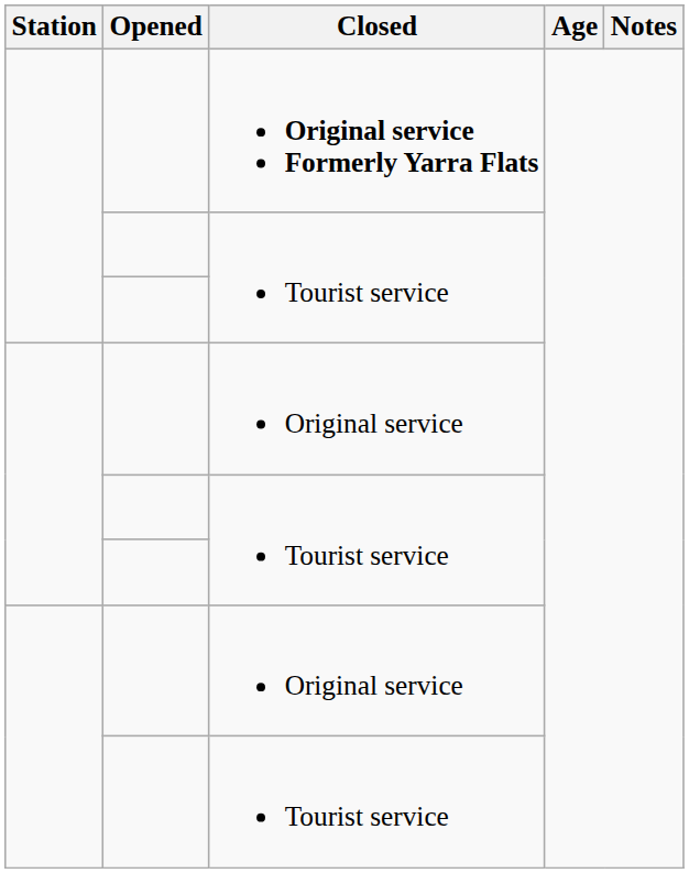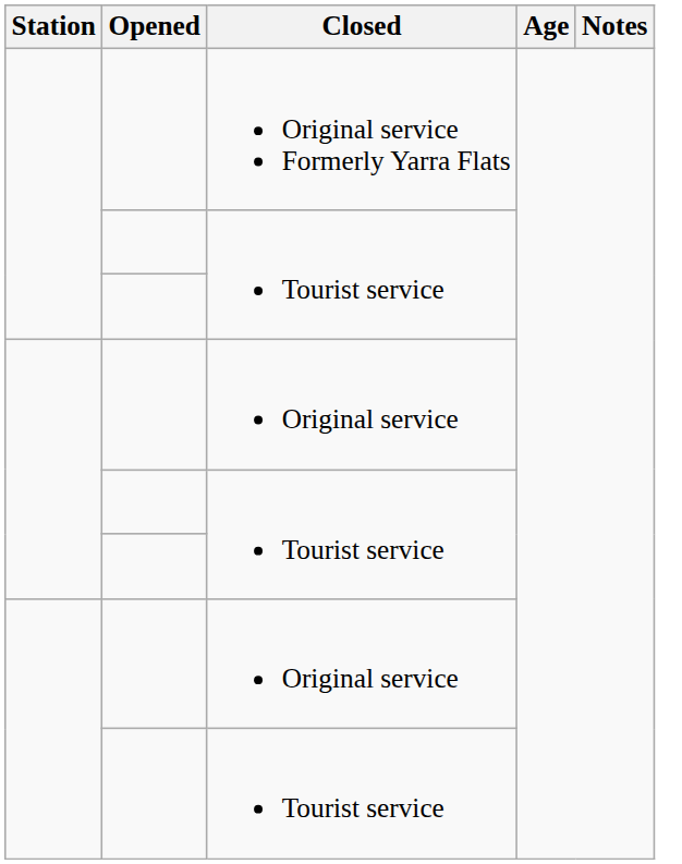 <table class="wikitable sortable">
 <tr>
 <th>Station</th>
 <th>Opened</th>
 <th>Closed</th>
 <th>Age</th>
 <th scope=col class=unsortable>Notes</th>
 </tr>
 <tr>
 <td rowspan="3"></td>
 <td></td>
-<td><strong><br><ul><li>Original service</li><li>Formerly Yarra Flats</li></ul></strong></td>
+<td><br><ul><li>Original service</li><li>Formerly Yarra Flats</li></ul></td>
 </tr>
 <tr>
 <td></td>
 <td rowspan="2"><br><ul><li>Tourist service</li></ul></td>
 </tr>
 <tr>
 <td></td>
 </tr>
 <tr>
 <td rowspan="3"></td>
 <td></td>
 <td><br><ul><li>Original service</li></ul></td>
 </tr>
 <tr>
 <td></td>
 <td rowspan="2"><br><ul><li>Tourist service</li></ul></td>
 </tr>
 <tr>
 <td></td>
 </tr>
 <tr>
 <td rowspan="2"></td>
 <td></td>
 <td><br><ul><li>Original service</li></ul></td>
 </tr>
 <tr>
 <td></td>
 <td><br><ul><li>Tourist service</li></ul></td>
 </tr>
 </table>
